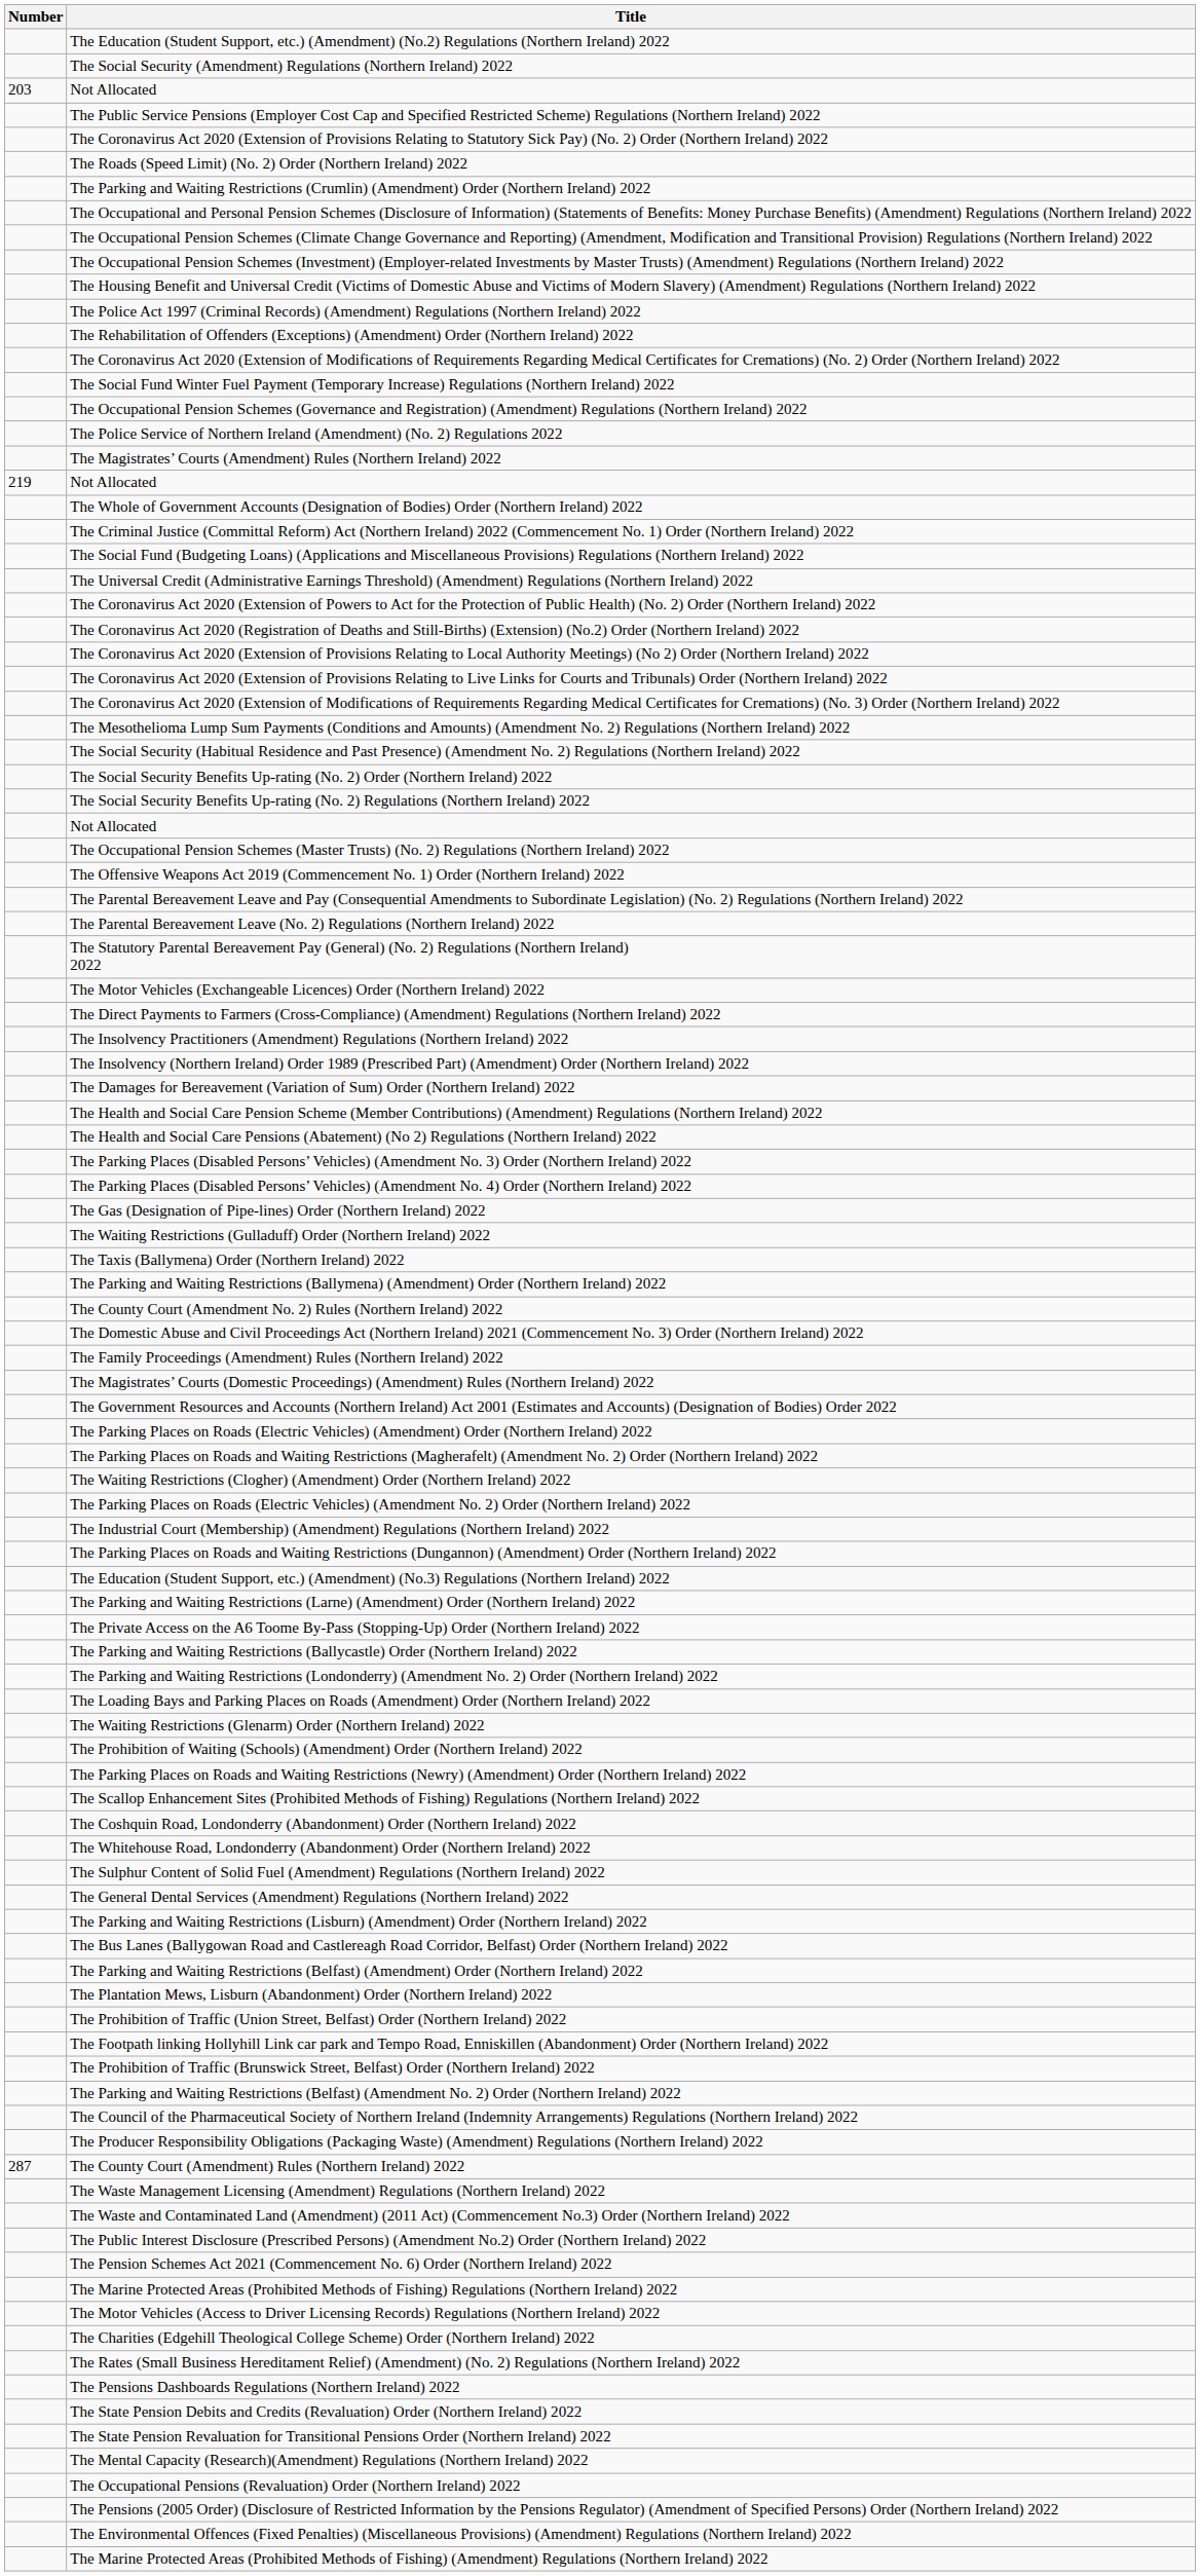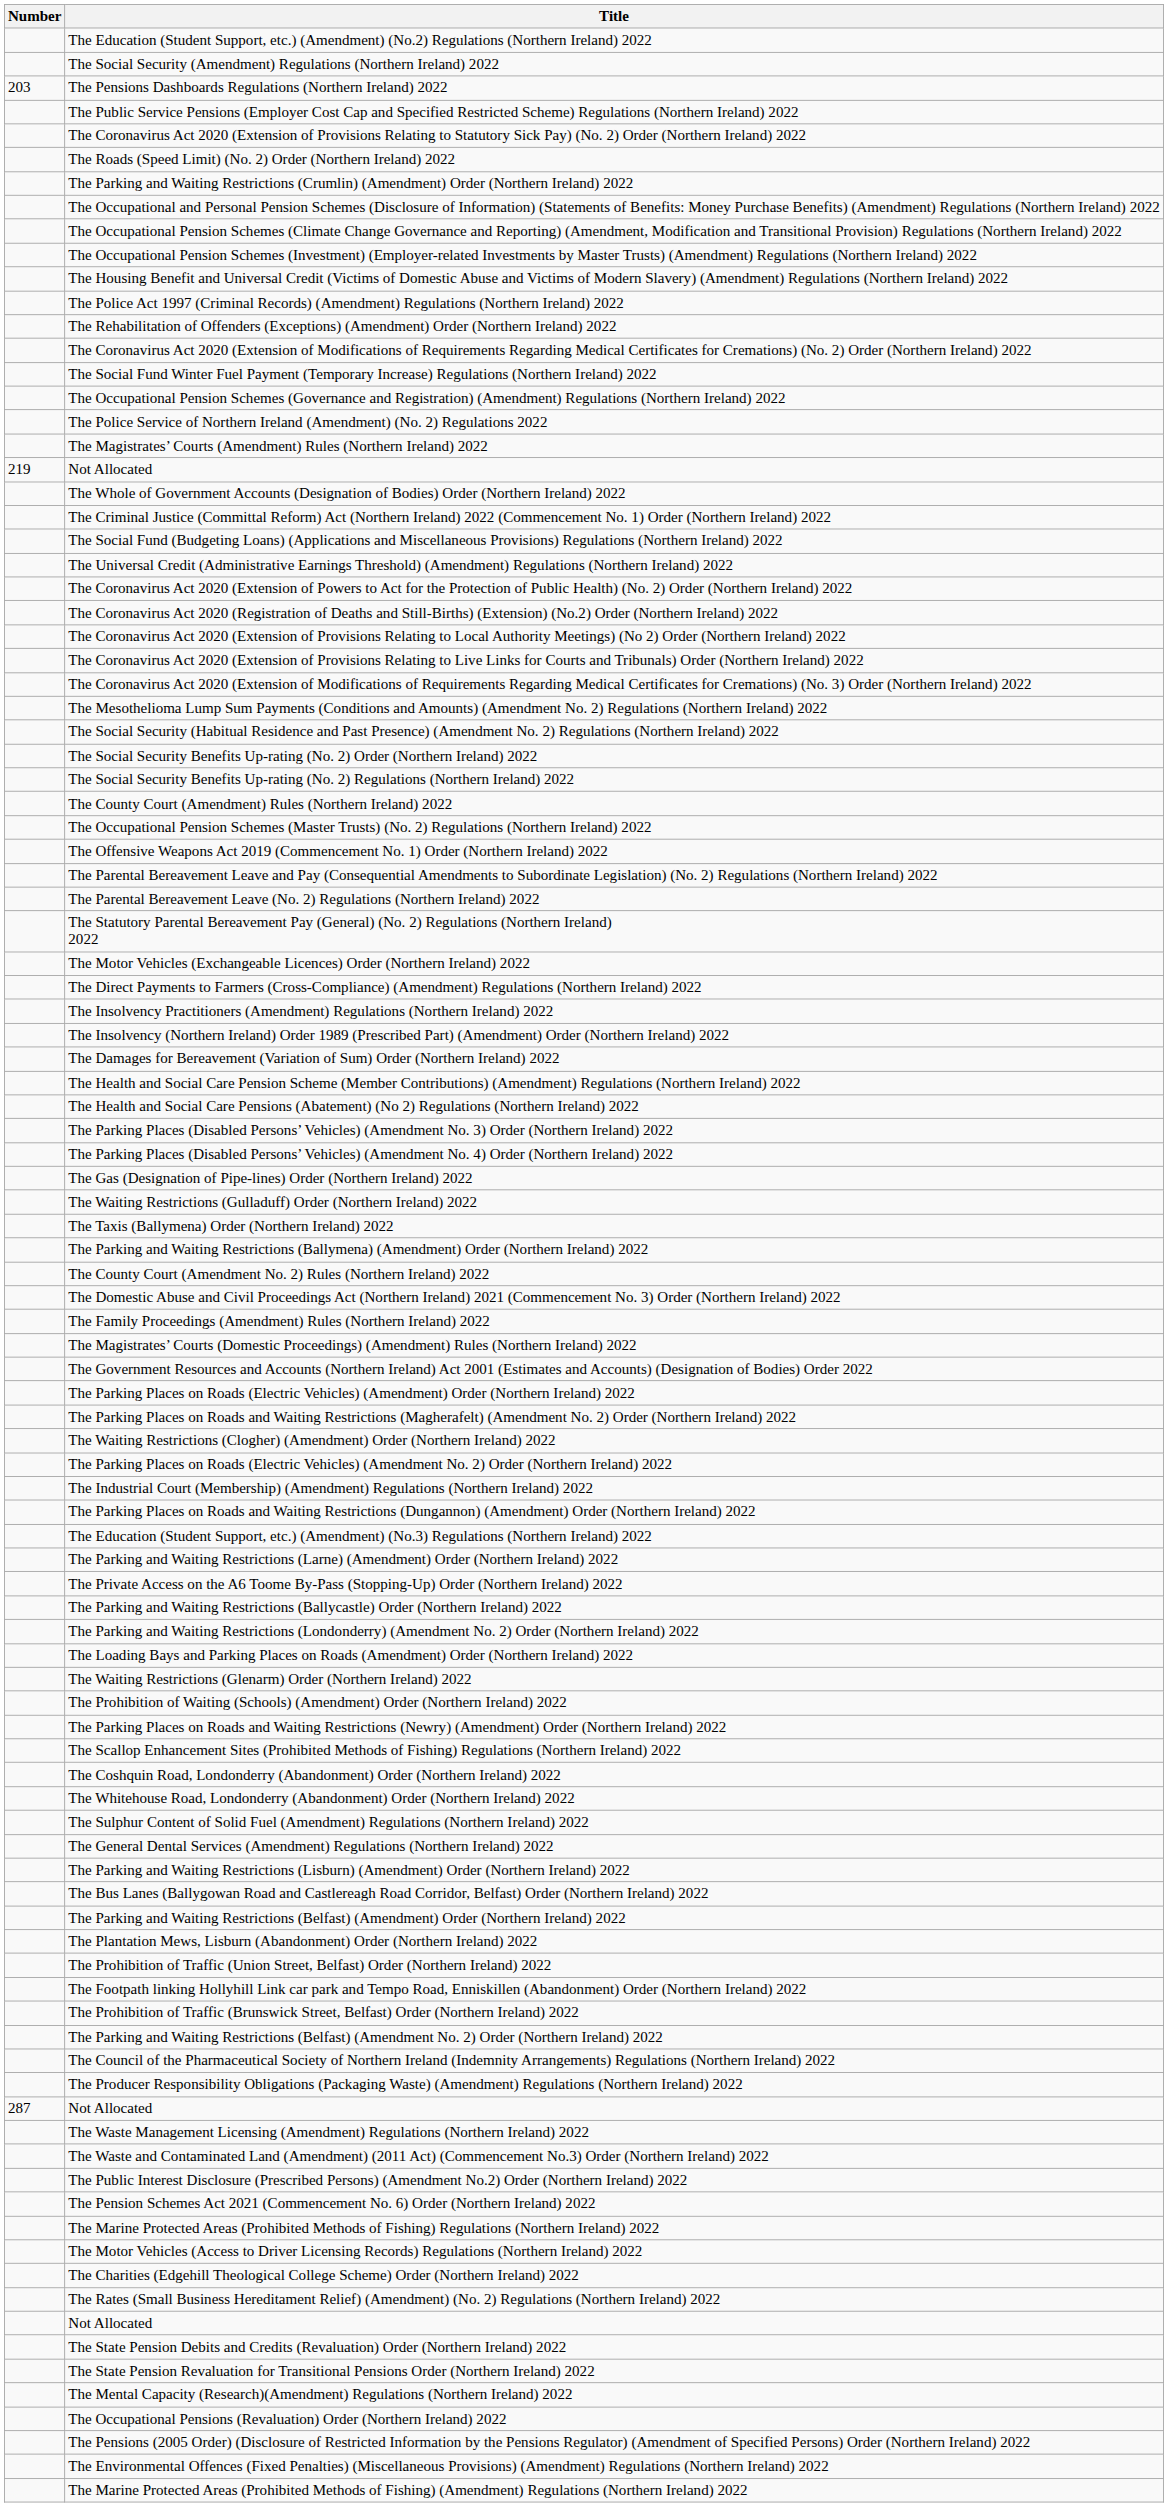 <table class="wikitable collapsible">
 <tr>
 <th>Number</th>
 <th>Title</th>
 </tr>
 <tr>
 <td></td>
 <td>The Education (Student Support, etc.) (Amendment) (No.2) Regulations (Northern Ireland) 2022</td>
 </tr>
 <tr>
 <td></td>
 <td>The Social Security (Amendment) Regulations (Northern Ireland) 2022</td>
 </tr>
 <tr>
 <td>203</td>
-<td>Not Allocated</td>
+<td>The Pensions Dashboards Regulations (Northern Ireland) 2022</td>
 </tr>
 <tr>
 <td></td>
 <td>The Public Service Pensions (Employer Cost Cap and Specified Restricted Scheme) Regulations (Northern Ireland) 2022</td>
 </tr>
 <tr>
 <td></td>
 <td>The Coronavirus Act 2020 (Extension of Provisions Relating to Statutory Sick Pay) (No. 2) Order (Northern Ireland) 2022</td>
 </tr>
 <tr>
 <td></td>
 <td>The Roads (Speed Limit) (No. 2) Order (Northern Ireland) 2022</td>
 </tr>
 <tr>
 <td></td>
 <td>The Parking and Waiting Restrictions (Crumlin) (Amendment) Order (Northern Ireland) 2022</td>
 </tr>
 <tr>
 <td></td>
 <td>The Occupational and Personal Pension Schemes (Disclosure of Information) (Statements of Benefits: Money Purchase Benefits) (Amendment) Regulations (Northern Ireland) 2022</td>
 </tr>
 <tr>
 <td></td>
 <td>The Occupational Pension Schemes (Climate Change Governance and Reporting) (Amendment, Modification and Transitional Provision) Regulations (Northern Ireland) 2022</td>
 </tr>
 <tr>
 <td></td>
 <td>The Occupational Pension Schemes (Investment) (Employer-related Investments by Master Trusts) (Amendment) Regulations (Northern Ireland) 2022</td>
 </tr>
 <tr>
 <td></td>
 <td>The Housing Benefit and Universal Credit (Victims of Domestic Abuse and Victims of Modern Slavery) (Amendment) Regulations (Northern Ireland) 2022</td>
 </tr>
 <tr>
 <td></td>
 <td>The Police Act 1997 (Criminal Records) (Amendment) Regulations (Northern Ireland) 2022</td>
 </tr>
 <tr>
 <td></td>
 <td>The Rehabilitation of Offenders (Exceptions) (Amendment) Order (Northern Ireland) 2022</td>
 </tr>
 <tr>
 <td></td>
 <td>The Coronavirus Act 2020 (Extension of Modifications of Requirements Regarding Medical Certificates for Cremations) (No. 2) Order (Northern Ireland) 2022</td>
 </tr>
 <tr>
 <td></td>
 <td>The Social Fund Winter Fuel Payment (Temporary Increase) Regulations (Northern Ireland) 2022</td>
 </tr>
 <tr>
 <td></td>
 <td>The Occupational Pension Schemes (Governance and Registration) (Amendment) Regulations (Northern Ireland) 2022</td>
 </tr>
 <tr>
 <td></td>
 <td>The Police Service of Northern Ireland (Amendment) (No. 2) Regulations 2022</td>
 </tr>
 <tr>
 <td></td>
 <td>The Magistrates’ Courts (Amendment) Rules (Northern Ireland) 2022</td>
 </tr>
 <tr>
 <td>219</td>
 <td>Not Allocated</td>
 </tr>
 <tr>
 <td></td>
 <td>The Whole of Government Accounts (Designation of Bodies) Order (Northern Ireland) 2022</td>
 </tr>
 <tr>
 <td></td>
 <td>The Criminal Justice (Committal Reform) Act (Northern Ireland) 2022 (Commencement No. 1) Order (Northern Ireland) 2022</td>
 </tr>
 <tr>
 <td></td>
 <td>The Social Fund (Budgeting Loans) (Applications and Miscellaneous Provisions) Regulations (Northern Ireland) 2022</td>
 </tr>
 <tr>
 <td></td>
 <td>The Universal Credit (Administrative Earnings Threshold) (Amendment) Regulations (Northern Ireland) 2022</td>
 </tr>
 <tr>
 <td></td>
 <td>The Coronavirus Act 2020 (Extension of Powers to Act for the Protection of Public Health) (No. 2) Order (Northern Ireland) 2022</td>
 </tr>
 <tr>
 <td></td>
 <td>The Coronavirus Act 2020 (Registration of Deaths and Still-Births) (Extension) (No.2) Order (Northern Ireland) 2022</td>
 </tr>
 <tr>
 <td></td>
 <td>The Coronavirus Act 2020 (Extension of Provisions Relating to Local Authority Meetings) (No 2) Order (Northern Ireland) 2022</td>
 </tr>
 <tr>
 <td></td>
 <td>The Coronavirus Act 2020 (Extension of Provisions Relating to Live Links for Courts and Tribunals) Order (Northern Ireland) 2022</td>
 </tr>
 <tr>
 <td></td>
 <td>The Coronavirus Act 2020 (Extension of Modifications of Requirements Regarding Medical Certificates for Cremations) (No. 3) Order (Northern Ireland) 2022</td>
 </tr>
 <tr>
 <td></td>
 <td>The Mesothelioma Lump Sum Payments (Conditions and Amounts) (Amendment No. 2) Regulations (Northern Ireland) 2022</td>
 </tr>
 <tr>
 <td></td>
 <td>The Social Security (Habitual Residence and Past Presence) (Amendment No. 2) Regulations (Northern Ireland) 2022</td>
 </tr>
 <tr>
 <td></td>
 <td>The Social Security Benefits Up-rating (No. 2) Order (Northern Ireland) 2022</td>
 </tr>
 <tr>
 <td></td>
 <td>The Social Security Benefits Up-rating (No. 2) Regulations (Northern Ireland) 2022</td>
 </tr>
 <tr>
 <td></td>
-<td>Not Allocated</td>
+<td>The County Court (Amendment) Rules (Northern Ireland) 2022</td>
 </tr>
 <tr>
 <td></td>
 <td>The Occupational Pension Schemes (Master Trusts) (No. 2) Regulations (Northern Ireland) 2022</td>
 </tr>
 <tr>
 <td></td>
 <td>The Offensive Weapons Act 2019 (Commencement No. 1) Order (Northern Ireland) 2022</td>
 </tr>
 <tr>
 <td></td>
 <td>The Parental Bereavement Leave and Pay (Consequential Amendments to Subordinate Legislation) (No. 2) Regulations (Northern Ireland) 2022</td>
 </tr>
 <tr>
 <td></td>
 <td>The Parental Bereavement Leave (No. 2) Regulations (Northern Ireland) 2022</td>
 </tr>
 <tr>
 <td></td>
 <td>The Statutory Parental Bereavement Pay (General) (No. 2) Regulations (Northern Ireland)<br>2022</td>
 </tr>
 <tr>
 <td></td>
 <td>The Motor Vehicles (Exchangeable Licences) Order (Northern Ireland) 2022</td>
 </tr>
 <tr>
 <td></td>
 <td>The Direct Payments to Farmers (Cross-Compliance) (Amendment) Regulations (Northern Ireland) 2022</td>
 </tr>
 <tr>
 <td></td>
 <td>The Insolvency Practitioners (Amendment) Regulations (Northern Ireland) 2022</td>
 </tr>
 <tr>
 <td></td>
 <td>The Insolvency (Northern Ireland) Order 1989 (Prescribed Part) (Amendment) Order (Northern Ireland) 2022</td>
 </tr>
 <tr>
 <td></td>
 <td>The Damages for Bereavement (Variation of Sum) Order (Northern Ireland) 2022</td>
 </tr>
 <tr>
 <td></td>
 <td>The Health and Social Care Pension Scheme (Member Contributions) (Amendment) Regulations (Northern Ireland) 2022</td>
 </tr>
 <tr>
 <td></td>
 <td>The Health and Social Care Pensions (Abatement) (No 2) Regulations (Northern Ireland) 2022</td>
 </tr>
 <tr>
 <td></td>
 <td>The Parking Places (Disabled Persons’ Vehicles) (Amendment No. 3) Order (Northern Ireland) 2022</td>
 </tr>
 <tr>
 <td></td>
 <td>The Parking Places (Disabled Persons’ Vehicles) (Amendment No. 4) Order (Northern Ireland) 2022</td>
 </tr>
 <tr>
 <td></td>
 <td>The Gas (Designation of Pipe-lines) Order (Northern Ireland) 2022</td>
 </tr>
 <tr>
 <td></td>
 <td>The Waiting Restrictions (Gulladuff) Order (Northern Ireland) 2022</td>
 </tr>
 <tr>
 <td></td>
 <td>The Taxis (Ballymena) Order (Northern Ireland) 2022</td>
 </tr>
 <tr>
 <td></td>
 <td>The Parking and Waiting Restrictions (Ballymena) (Amendment) Order (Northern Ireland) 2022</td>
 </tr>
 <tr>
 <td></td>
 <td>The County Court (Amendment No. 2) Rules (Northern Ireland) 2022</td>
 </tr>
 <tr>
 <td></td>
 <td>The Domestic Abuse and Civil Proceedings Act (Northern Ireland) 2021 (Commencement No. 3) Order (Northern Ireland) 2022</td>
 </tr>
 <tr>
 <td></td>
 <td>The Family Proceedings (Amendment) Rules (Northern Ireland) 2022</td>
 </tr>
 <tr>
 <td></td>
 <td>The Magistrates’ Courts (Domestic Proceedings) (Amendment) Rules (Northern Ireland) 2022</td>
 </tr>
 <tr>
 <td></td>
 <td>The Government Resources and Accounts (Northern Ireland) Act 2001 (Estimates and Accounts) (Designation of Bodies) Order 2022</td>
 </tr>
 <tr>
 <td></td>
 <td>The Parking Places on Roads (Electric Vehicles) (Amendment) Order (Northern Ireland) 2022</td>
 </tr>
 <tr>
 <td></td>
 <td>The Parking Places on Roads and Waiting Restrictions (Magherafelt) (Amendment No. 2) Order (Northern Ireland) 2022</td>
 </tr>
 <tr>
 <td></td>
 <td>The Waiting Restrictions (Clogher) (Amendment) Order (Northern Ireland) 2022</td>
 </tr>
 <tr>
 <td></td>
 <td>The Parking Places on Roads (Electric Vehicles) (Amendment No. 2) Order (Northern Ireland) 2022</td>
 </tr>
 <tr>
 <td></td>
 <td>The Industrial Court (Membership) (Amendment) Regulations (Northern Ireland) 2022</td>
 </tr>
 <tr>
 <td></td>
 <td>The Parking Places on Roads and Waiting Restrictions (Dungannon) (Amendment) Order (Northern Ireland) 2022</td>
 </tr>
 <tr>
 <td></td>
 <td>The Education (Student Support, etc.) (Amendment) (No.3) Regulations (Northern Ireland) 2022</td>
 </tr>
 <tr>
 <td></td>
 <td>The Parking and Waiting Restrictions (Larne) (Amendment) Order (Northern Ireland) 2022</td>
 </tr>
 <tr>
 <td></td>
 <td>The Private Access on the A6 Toome By-Pass (Stopping-Up) Order (Northern Ireland) 2022</td>
 </tr>
 <tr>
 <td></td>
 <td>The Parking and Waiting Restrictions (Ballycastle) Order (Northern Ireland) 2022</td>
 </tr>
 <tr>
 <td></td>
 <td>The Parking and Waiting Restrictions (Londonderry) (Amendment No. 2) Order (Northern Ireland) 2022</td>
 </tr>
 <tr>
 <td></td>
 <td>The Loading Bays and Parking Places on Roads (Amendment) Order (Northern Ireland) 2022</td>
 </tr>
 <tr>
 <td></td>
 <td>The Waiting Restrictions (Glenarm) Order (Northern Ireland) 2022</td>
 </tr>
 <tr>
 <td></td>
 <td>The Prohibition of Waiting (Schools) (Amendment) Order (Northern Ireland) 2022</td>
 </tr>
 <tr>
 <td></td>
 <td>The Parking Places on Roads and Waiting Restrictions (Newry) (Amendment) Order (Northern Ireland) 2022</td>
 </tr>
 <tr>
 <td></td>
 <td>The Scallop Enhancement Sites (Prohibited Methods of Fishing) Regulations (Northern Ireland) 2022</td>
 </tr>
 <tr>
 <td></td>
 <td>The Coshquin Road, Londonderry (Abandonment) Order (Northern Ireland) 2022</td>
 </tr>
 <tr>
 <td></td>
 <td>The Whitehouse Road, Londonderry (Abandonment) Order (Northern Ireland) 2022</td>
 </tr>
 <tr>
 <td></td>
 <td>The Sulphur Content of Solid Fuel (Amendment) Regulations (Northern Ireland) 2022</td>
 </tr>
 <tr>
 <td></td>
 <td>The General Dental Services (Amendment) Regulations (Northern Ireland) 2022</td>
 </tr>
 <tr>
 <td></td>
 <td>The Parking and Waiting Restrictions (Lisburn) (Amendment) Order (Northern Ireland) 2022</td>
 </tr>
 <tr>
 <td></td>
 <td>The Bus Lanes (Ballygowan Road and Castlereagh Road Corridor, Belfast) Order (Northern Ireland) 2022</td>
 </tr>
 <tr>
 <td></td>
 <td>The Parking and Waiting Restrictions (Belfast) (Amendment) Order (Northern Ireland) 2022</td>
 </tr>
 <tr>
 <td></td>
 <td>The Plantation Mews, Lisburn (Abandonment) Order (Northern Ireland) 2022</td>
 </tr>
 <tr>
 <td></td>
 <td>The Prohibition of Traffic (Union Street, Belfast) Order (Northern Ireland) 2022</td>
 </tr>
 <tr>
 <td></td>
 <td>The Footpath linking Hollyhill Link car park and Tempo Road, Enniskillen (Abandonment) Order (Northern Ireland) 2022</td>
 </tr>
 <tr>
 <td></td>
 <td>The Prohibition of Traffic (Brunswick Street, Belfast) Order (Northern Ireland) 2022</td>
 </tr>
 <tr>
 <td></td>
 <td>The Parking and Waiting Restrictions (Belfast) (Amendment No. 2) Order (Northern Ireland) 2022</td>
 </tr>
 <tr>
 <td></td>
 <td>The Council of the Pharmaceutical Society of Northern Ireland (Indemnity Arrangements) Regulations (Northern Ireland) 2022</td>
 </tr>
 <tr>
 <td></td>
 <td>The Producer Responsibility Obligations (Packaging Waste) (Amendment) Regulations (Northern Ireland) 2022</td>
 </tr>
 <tr>
 <td>287</td>
-<td>The County Court (Amendment) Rules (Northern Ireland) 2022</td>
+<td>Not Allocated</td>
 </tr>
 <tr>
 <td></td>
 <td>The Waste Management Licensing (Amendment) Regulations (Northern Ireland) 2022</td>
 </tr>
 <tr>
 <td></td>
 <td>The Waste and Contaminated Land (Amendment) (2011 Act) (Commencement No.3) Order (Northern Ireland) 2022</td>
 </tr>
 <tr>
 <td></td>
 <td>The Public Interest Disclosure (Prescribed Persons) (Amendment No.2) Order (Northern Ireland) 2022</td>
 </tr>
 <tr>
 <td></td>
 <td>The Pension Schemes Act 2021 (Commencement No. 6) Order (Northern Ireland) 2022</td>
 </tr>
 <tr>
 <td></td>
 <td>The Marine Protected Areas (Prohibited Methods of Fishing) Regulations (Northern Ireland) 2022</td>
 </tr>
 <tr>
 <td></td>
 <td>The Motor Vehicles (Access to Driver Licensing Records) Regulations (Northern Ireland) 2022</td>
 </tr>
 <tr>
 <td></td>
 <td>The Charities (Edgehill Theological College Scheme) Order (Northern Ireland) 2022</td>
 </tr>
 <tr>
 <td></td>
 <td>The Rates (Small Business Hereditament Relief) (Amendment) (No. 2) Regulations (Northern Ireland) 2022</td>
 </tr>
 <tr>
 <td></td>
-<td>The Pensions Dashboards Regulations (Northern Ireland) 2022</td>
+<td>Not Allocated</td>
 </tr>
 <tr>
 <td></td>
 <td>The State Pension Debits and Credits (Revaluation) Order (Northern Ireland) 2022</td>
 </tr>
 <tr>
 <td></td>
 <td>The State Pension Revaluation for Transitional Pensions Order (Northern Ireland) 2022</td>
 </tr>
 <tr>
 <td></td>
 <td>The Mental Capacity (Research)(Amendment) Regulations (Northern Ireland) 2022</td>
 </tr>
 <tr>
 <td></td>
 <td>The Occupational Pensions (Revaluation) Order (Northern Ireland) 2022</td>
 </tr>
 <tr>
 <td></td>
 <td>The Pensions (2005 Order) (Disclosure of Restricted Information by the Pensions Regulator) (Amendment of Specified Persons) Order (Northern Ireland) 2022</td>
 </tr>
 <tr>
 <td></td>
 <td>The Environmental Offences (Fixed Penalties) (Miscellaneous Provisions) (Amendment) Regulations (Northern Ireland) 2022</td>
 </tr>
 <tr>
 <td></td>
 <td>The Marine Protected Areas (Prohibited Methods of Fishing) (Amendment) Regulations (Northern Ireland) 2022</td>
 </tr>
 </table>
